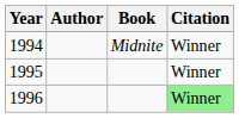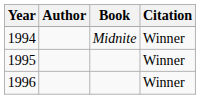 <table class="sortable wikitable">
 <tr>
 <th>Year</th>
 <th>Author</th>
 <th>Book</th>
 <th>Citation</th>
 </tr>
 <tr style="background:LemonChiffon; color:black">
 </tr>
 <tr>
 <td>1994</td>
 <td></td>
 <td><em>Midnite</em></td>
 <td>Winner</td>
 </tr>
 <tr>
 <td>1995</td>
 <td></td>
 <td></td>
 <td>Winner</td>
 </tr>
 <tr>
 <td>1996</td>
 <td></td>
 <td></td>
-<td style="background: lightgreen;">Winner</td>
+<td>Winner</td>
 </tr>
 </table>
